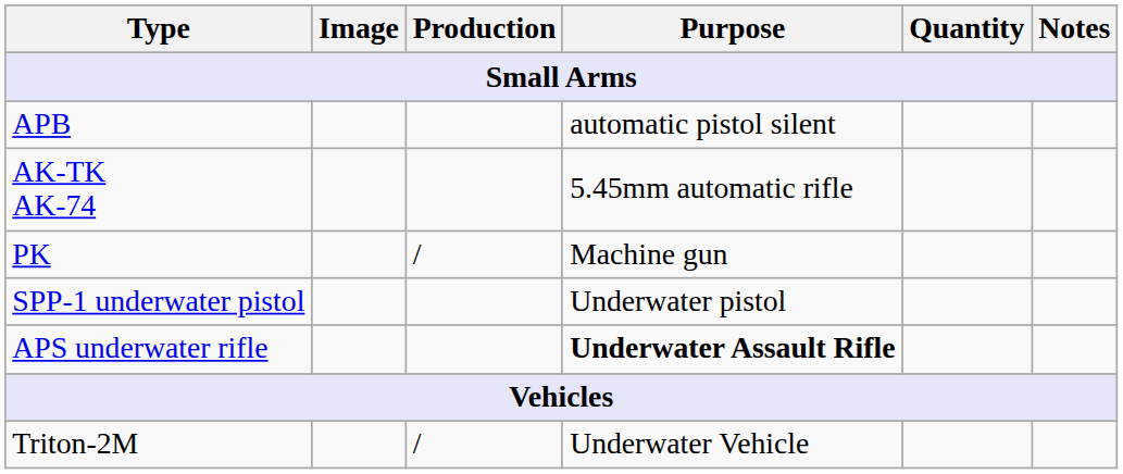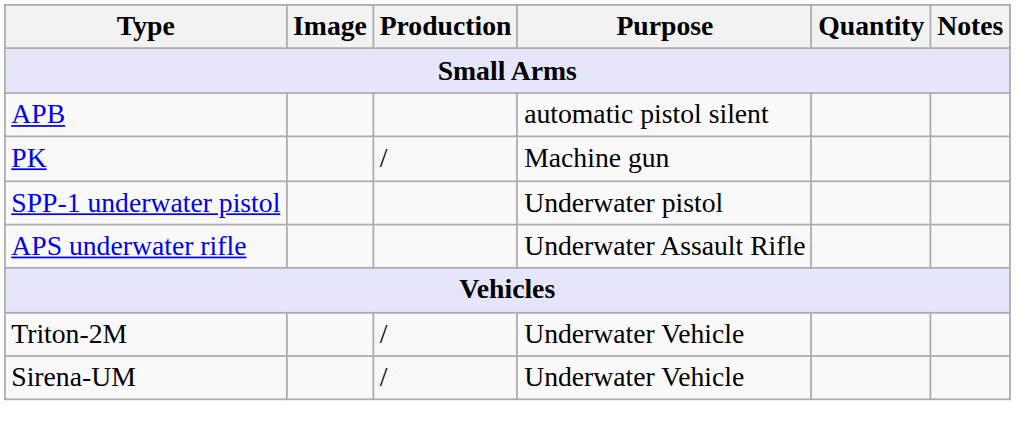 <table class="wikitable">
 <tr>
 <th>Type</th>
 <th>Image</th>
 <th>Production</th>
 <th>Purpose</th>
 <th>Quantity</th>
 <th>Notes</th>
 </tr>
 <tr>
 <th colspan="6" style="align: center; background: lavender;">Small Arms</th>
 </tr>
 <tr>
 <td><a href='#'>APB</a></td>
 <td></td>
 <td></td>
 <td>automatic pistol silent</td>
-<td></td>
-<td></td>
-</tr>
-<tr>
-<td><a href='#'>AK-TK</a><br><a href='#'>AK-74</a></td>
-<td></td>
-<td><br></td>
-<td>5.45mm automatic rifle</td>
 <td></td>
 <td></td>
 </tr>
 <tr>
 <td><a href='#'>PK</a></td>
 <td></td>
 <td>/</td>
 <td>Machine gun</td>
 <td></td>
 <td></td>
 </tr>
 <tr>
 <td><a href='#'>SPP-1 underwater pistol</a></td>
 <td></td>
 <td></td>
 <td>Underwater pistol</td>
 <td></td>
 <td></td>
 </tr>
 <tr>
 <td><a href='#'>APS underwater rifle</a></td>
 <td></td>
 <td></td>
-<td><strong>Underwater Assault Rifle</strong></td>
+<td>Underwater Assault Rifle</td>
 <td></td>
 <td></td>
 </tr>
 <tr>
 <th colspan="6" style="align: center; background: lavender;">Vehicles</th>
 </tr>
 <tr>
 <td>Triton-2M</td>
 <td></td>
 <td>/</td>
 <td>Underwater Vehicle</td>
 <td></td>
 <td></td>
 </tr>
+<tr>
+<td>Sirena-UM</td>
+<td></td>
+<td>/</td>
+<td>Underwater Vehicle</td>
+<td></td>
+<td></td>
+</tr>
 </table>
